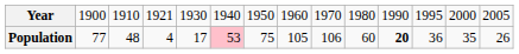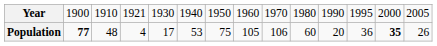 <table class="wikitable" style="text-align:right;">
 <tr>
 <th>Year</th>
 <td>1900</td>
 <td>1910</td>
 <td>1921</td>
 <td>1930</td>
 <td>1940</td>
 <td>1950</td>
 <td>1960</td>
 <td>1970</td>
 <td>1980</td>
 <td>1990</td>
 <td>1995</td>
 <td>2000</td>
 <td>2005</td>
 </tr>
 <tr>
 <th>Population</th>
-<td>77</td>
+<td><strong>77</strong></td>
 <td>48</td>
 <td>4</td>
 <td>17</td>
-<td style="background: pink;">53</td>
+<td>53</td>
 <td>75</td>
 <td>105</td>
 <td>106</td>
 <td>60</td>
-<td><strong>20</strong></td>
+<td>20</td>
 <td>36</td>
-<td>35</td>
+<td><strong>35</strong></td>
 <td>26</td>
 </tr>
 </table>
